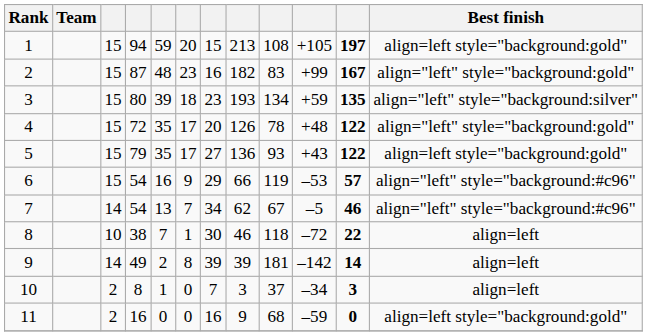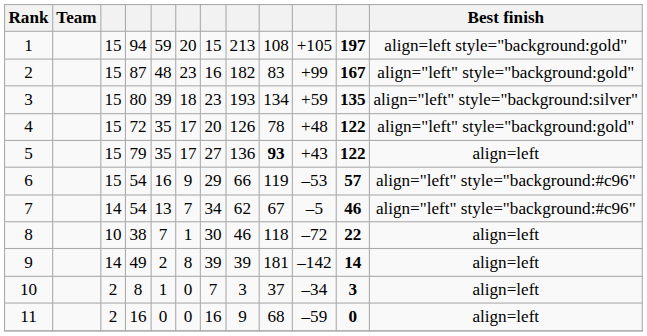 <table class="wikitable sortable" style="text-align:center">
 <tr>
 <th>Rank</th>
 <th>Team</th>
 <th></th>
 <th></th>
 <th></th>
 <th></th>
 <th></th>
 <th></th>
 <th></th>
 <th></th>
 <th></th>
 <th>Best finish</th>
 </tr>
 <tr>
 <td>1</td>
 <td style="text-align:left;"></td>
 <td>15</td>
 <td>94</td>
 <td>59</td>
 <td>20</td>
 <td>15</td>
 <td>213</td>
 <td>108</td>
 <td>+105</td>
 <td><strong>197</strong></td>
 <td>align=left style="background:gold"  </td>
 </tr>
 <tr>
 <td>2</td>
 <td style="text-align:left;"></td>
 <td>15</td>
 <td>87</td>
 <td>48</td>
 <td>23</td>
 <td>16</td>
 <td>182</td>
 <td>83</td>
 <td>+99</td>
 <td><strong>167</strong></td>
 <td>align="left" style="background:gold"  </td>
 </tr>
 <tr>
 <td>3</td>
 <td style="text-align:left;"></td>
 <td>15</td>
 <td>80</td>
 <td>39</td>
 <td>18</td>
 <td>23</td>
 <td>193</td>
 <td>134</td>
 <td>+59</td>
 <td><strong>135</strong></td>
 <td>align="left" style="background:silver"  </td>
 </tr>
 <tr>
 <td>4</td>
 <td style="text-align:left;"></td>
 <td>15</td>
 <td>72</td>
 <td>35</td>
 <td>17</td>
 <td>20</td>
 <td>126</td>
 <td>78</td>
 <td>+48</td>
 <td><strong>122</strong></td>
 <td>align="left" style="background:gold"  </td>
 </tr>
 <tr>
 <td>5</td>
 <td style="text-align:left;"></td>
 <td>15</td>
 <td>79</td>
 <td>35</td>
 <td>17</td>
 <td>27</td>
 <td>136</td>
-<td>93</td>
+<td><strong>93</strong></td>
 <td>+43</td>
 <td><strong>122</strong></td>
-<td>align=left style="background:gold"  </td>
+<td>align=left  </td>
 </tr>
 <tr>
 <td>6</td>
 <td style="text-align:left;"></td>
 <td>15</td>
 <td>54</td>
 <td>16</td>
 <td>9</td>
 <td>29</td>
 <td>66</td>
 <td>119</td>
 <td>–53</td>
 <td><strong>57</strong></td>
 <td>align="left" style="background:#c96"  </td>
 </tr>
 <tr>
 <td>7</td>
 <td style="text-align:left;"></td>
 <td>14</td>
 <td>54</td>
 <td>13</td>
 <td>7</td>
 <td>34</td>
 <td>62</td>
 <td>67</td>
 <td>–5</td>
 <td><strong>46</strong></td>
 <td>align="left" style="background:#c96"  </td>
 </tr>
 <tr>
 <td>8</td>
 <td style="text-align:left;"></td>
 <td>10</td>
 <td>38</td>
 <td>7</td>
 <td>1</td>
 <td>30</td>
 <td>46</td>
 <td>118</td>
 <td>–72</td>
 <td><strong>22</strong></td>
 <td>align=left  </td>
 </tr>
 <tr>
 <td>9</td>
 <td style="text-align:left;"></td>
 <td>14</td>
 <td>49</td>
 <td>2</td>
 <td>8</td>
 <td>39</td>
 <td>39</td>
 <td>181</td>
 <td>–142</td>
 <td><strong>14</strong></td>
 <td>align=left  </td>
 </tr>
 <tr>
 <td>10</td>
 <td style="text-align:left;"></td>
 <td>2</td>
 <td>8</td>
 <td>1</td>
 <td>0</td>
 <td>7</td>
 <td>3</td>
 <td>37</td>
 <td>–34</td>
 <td><strong>3</strong></td>
 <td>align=left  </td>
 </tr>
 <tr>
 <td>11</td>
 <td style="text-align:left;"></td>
 <td>2</td>
 <td>16</td>
 <td>0</td>
 <td>0</td>
 <td>16</td>
 <td>9</td>
 <td>68</td>
 <td>–59</td>
 <td><strong>0</strong></td>
-<td>align=left style="background:gold"  </td>
+<td>align=left  </td>
 </tr>
 <tr>
 </tr>
 </table>
